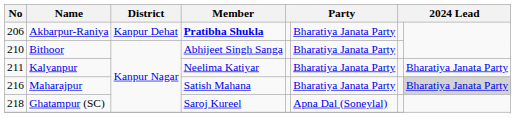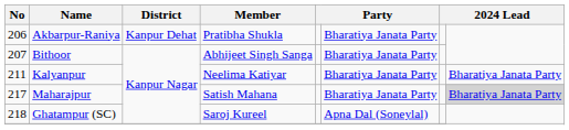 <table class="wikitable">
 <tr>
 <th>No</th>
 <th>Name</th>
 <th>District</th>
 <th>Member</th>
 <th colspan="2">Party</th>
 <th colspan="2">2024 Lead</th>
 </tr>
 <tr>
 <td>206</td>
 <td><a href='#'>Akbarpur-Raniya</a></td>
 <td><a href='#'>Kanpur Dehat</a></td>
-<td><strong><a href='#'>Pratibha Shukla</a></strong></td>
+<td><a href='#'>Pratibha Shukla</a></td>
 <td style=background-color:></td>
 <td><a href='#'>Bharatiya Janata Party</a></td>
 <td></td>
 </tr>
 <tr>
-<td>210</td>
+<td>207</td>
 <td><a href='#'>Bithoor</a></td>
 <td rowspan="4"><a href='#'>Kanpur Nagar</a></td>
 <td><a href='#'>Abhijeet Singh Sanga</a></td>
 <td style=background-color:></td>
 <td><a href='#'>Bharatiya Janata Party</a></td>
 <td></td>
 </tr>
 <tr>
 <td>211</td>
 <td><a href='#'>Kalyanpur</a></td>
 <td><a href='#'>Neelima Katiyar</a></td>
 <td style=background-color:></td>
 <td><a href='#'>Bharatiya Janata Party</a></td>
 <td></td>
 <td><a href='#'>Bharatiya Janata Party</a></td>
 </tr>
 <tr>
-<td>216</td>
+<td>217</td>
 <td><a href='#'>Maharajpur</a></td>
 <td><a href='#'>Satish Mahana</a></td>
 <td style=background-color:></td>
 <td><a href='#'>Bharatiya Janata Party</a></td>
 <td></td>
 <td style="background: lightgrey;"><a href='#'>Bharatiya Janata Party</a></td>
 </tr>
 <tr>
 <td>218</td>
 <td><a href='#'>Ghatampur</a> (SC)</td>
 <td><a href='#'>Saroj Kureel</a></td>
 <td style=background-color:></td>
 <td><a href='#'>Apna Dal (Soneylal)</a></td>
 <td></td>
 </tr>
 <tr>
 </tr>
 </table>
